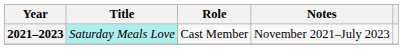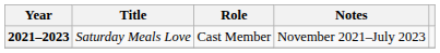 <table class="wikitable sortable plainrowheaders">
 <tr>
 <th scope="col">Year</th>
 <th scope="col">Title</th>
 <th scope="col">Role</th>
 <th scope="col" class="unsortable">Notes</th>
 <th scope="col" class="unsortable"></th>
 </tr>
 <tr>
 <th scope="row">2021–2023</th>
-<td style="background: paleturquoise;"><em>Saturday Meals Love</em> </td>
+<td><em>Saturday Meals Love</em> </td>
 <td>Cast Member</td>
 <td>November 2021–July 2023</td>
 <td></td>
 </tr>
 <tr>
 </tr>
 </table>
